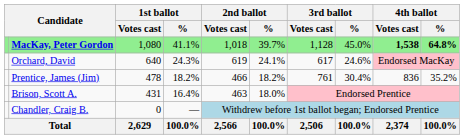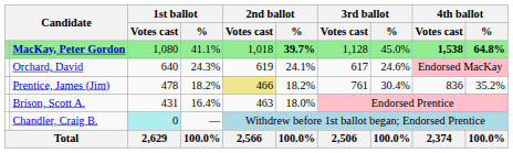 <table class="wikitable">
 <tr>
 <th rowspan="2" colspan="2">Candidate</th>
 <th colspan="2">1st ballot</th>
 <th colspan="2">2nd ballot</th>
 <th colspan="2">3rd ballot</th>
 <th colspan="2">4th ballot</th>
 </tr>
 <tr>
 <th>Votes cast</th>
 <th>%</th>
 <th>Votes cast</th>
 <th>%</th>
 <th>Votes cast</th>
 <th>%</th>
 <th>Votes cast</th>
 <th>%</th>
 </tr>
 <tr style="background:lightgreen;">
 <td></td>
 <td><strong><a href='#'>MacKay, Peter Gordon</a></strong></td>
 <td align="right">1,080</td>
 <td align="right">41.1%</td>
 <td align="right">1,018</td>
-<td align="right">39.7%</td>
+<td align="right"><strong>39.7%</strong></td>
 <td align="right">1,128</td>
 <td align="right">45.0%</td>
 <td align="right"><strong>1,538</strong></td>
 <td align="right"><strong>64.8%</strong></td>
 </tr>
 <tr>
 <td></td>
 <td><a href='#'>Orchard, David</a></td>
 <td align="right">640</td>
 <td align="right">24.3%</td>
 <td align="right">619</td>
 <td align="right">24.1%</td>
 <td align="right">617</td>
 <td align="right">24.6%</td>
 <td style="text-align:center; background:pink;" colspan="2">Endorsed MacKay</td>
 </tr>
 <tr>
 <td></td>
 <td><a href='#'>Prentice, James (Jim)</a></td>
 <td align="right">478</td>
 <td align="right">18.2%</td>
-<td align="right">466</td>
+<td align="right" style="background: khaki;">466</td>
 <td align="right">18.2%</td>
 <td align="right">761</td>
 <td align="right">30.4%</td>
 <td align="right">836</td>
 <td align="right">35.2%</td>
 </tr>
 <tr>
 <td></td>
 <td><a href='#'>Brison, Scott A.</a></td>
 <td align="right">431</td>
 <td align="right">16.4%</td>
 <td align="right">463</td>
 <td align="right">18.0%</td>
 <td style="text-align:center; background:pink;" colspan="4">Endorsed Prentice</td>
 </tr>
 <tr>
 <td></td>
 <td><a href='#'>Chandler, Craig B.</a></td>
-<td align="right">0</td>
+<td align="right" style="background: paleturquoise;">0</td>
 <td align="right">—</td>
 <td style="text-align:center; background:lightblue;" colspan="6">Withdrew before 1st ballot began; Endorsed Prentice</td>
 </tr>
 <tr>
 <th colspan="2">Total</th>
 <th align="right">2,629</th>
 <th align="right">100.0%</th>
 <th align="right">2,566</th>
 <th align="right">100.0%</th>
 <th align="right">2,506</th>
 <th align="right">100.0%</th>
 <th align="right">2,374</th>
 <th align="right">100.0%</th>
 </tr>
 </table>
